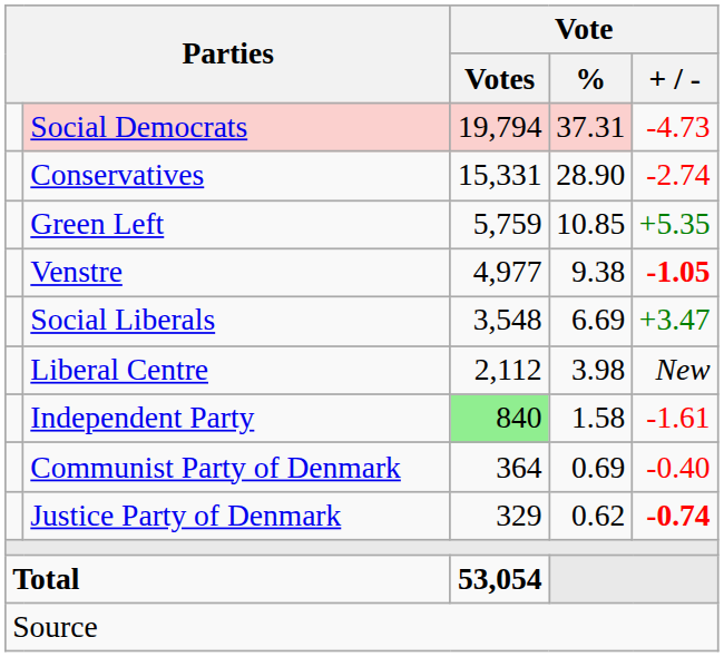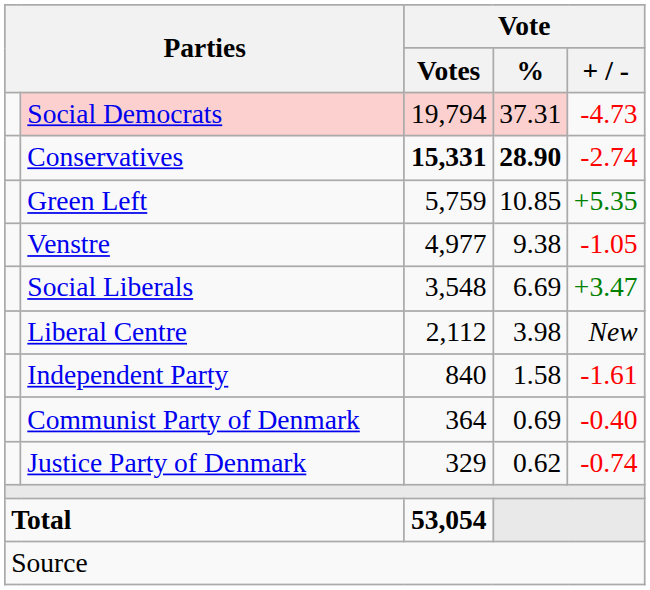 <table class="wikitable" style="text-align:right;">
 <tr>
 <th style="text-align:centre;" rowspan="2" colspan="2" width="225">Parties</th>
 <th colspan="3">Vote</th>
 </tr>
 <tr>
 <th width="15">Votes</th>
 <th width="15">%</th>
 <th width="15">+ / -</th>
 </tr>
 <tr>
 <td width="2" style="color:inherit;background:"></td>
 <td bgcolor=#fbd0ce  align="left"><a href='#'>Social Democrats</a></td>
 <td bgcolor=#fbd0ce>19,794</td>
 <td bgcolor=#fbd0ce>37.31</td>
 <td style=color:red;>-4.73</td>
 </tr>
 <tr>
 <td width="2" style="color:inherit;background:"></td>
 <td align="left"><a href='#'>Conservatives</a></td>
-<td>15,331</td>
-<td>28.90</td>
+<td><strong>15,331</strong></td>
+<td><strong>28.90</strong></td>
 <td style=color:red;>-2.74</td>
 </tr>
 <tr>
 <td width="2" style="color:inherit;background:"></td>
 <td align="left"><a href='#'>Green Left</a></td>
 <td>5,759</td>
 <td>10.85</td>
 <td style=color:green;>+5.35</td>
 </tr>
 <tr>
 <td width="2" style="color:inherit;background:"></td>
 <td align="left"><a href='#'>Venstre</a></td>
 <td>4,977</td>
 <td>9.38</td>
-<td style=color:red;><strong>-1.05</strong></td>
+<td style=color:red;>-1.05</td>
 </tr>
 <tr>
 <td width="2" style="color:inherit;background:"></td>
 <td align="left"><a href='#'>Social Liberals</a></td>
 <td>3,548</td>
 <td>6.69</td>
 <td style=color:green;>+3.47</td>
 </tr>
 <tr>
 <td width="2" style="color:inherit;background:"></td>
 <td align="left"><a href='#'>Liberal Centre</a></td>
 <td>2,112</td>
 <td>3.98</td>
 <td><em>New</em></td>
 </tr>
 <tr>
 <td width="2" style="color:inherit;background:"></td>
 <td align="left"><a href='#'>Independent Party</a></td>
-<td style="background: lightgreen;">840</td>
+<td>840</td>
 <td>1.58</td>
 <td style=color:red;>-1.61</td>
 </tr>
 <tr>
 <td width="2" style="color:inherit;background:"></td>
 <td align="left"><a href='#'>Communist Party of Denmark</a></td>
 <td>364</td>
 <td>0.69</td>
 <td style=color:red;>-0.40</td>
 </tr>
 <tr>
 <td width="2" style="color:inherit;background:"></td>
 <td align="left"><a href='#'>Justice Party of Denmark</a></td>
 <td>329</td>
 <td>0.62</td>
-<td style=color:red;><strong>-0.74</strong></td>
+<td style=color:red;>-0.74</td>
 </tr>
 <tr>
 <td colspan="7" bgcolor="#E9E9E9"></td>
 </tr>
 <tr>
 <td align="left" colspan="2"><strong>Total</strong></td>
 <td><strong>53,054</strong></td>
 <td bgcolor="#E9E9E9" colspan="2"></td>
 </tr>
 <tr>
 <td align="left" colspan="6">Source</td>
 </tr>
 </table>
